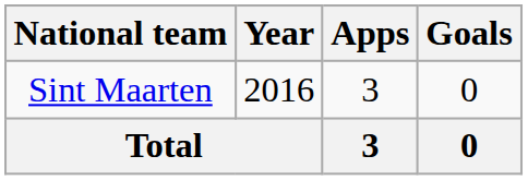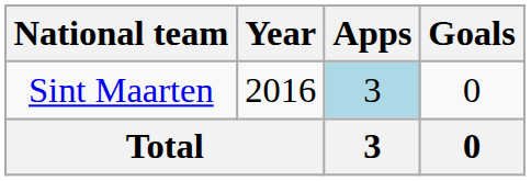 <table class="wikitable" style="text-align:center">
 <tr>
 <th>National team</th>
 <th>Year</th>
 <th>Apps</th>
 <th>Goals</th>
 </tr>
 <tr>
 <td rowspan="1"><a href='#'>Sint Maarten</a></td>
 <td>2016</td>
-<td>3</td>
+<td style="background: lightblue;">3</td>
 <td>0</td>
 </tr>
 <tr>
 <th colspan=2>Total</th>
 <th>3</th>
 <th>0</th>
 </tr>
 </table>
